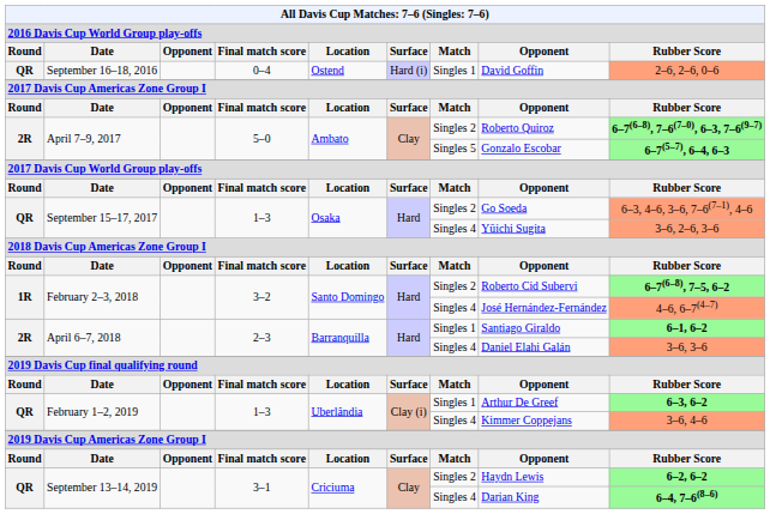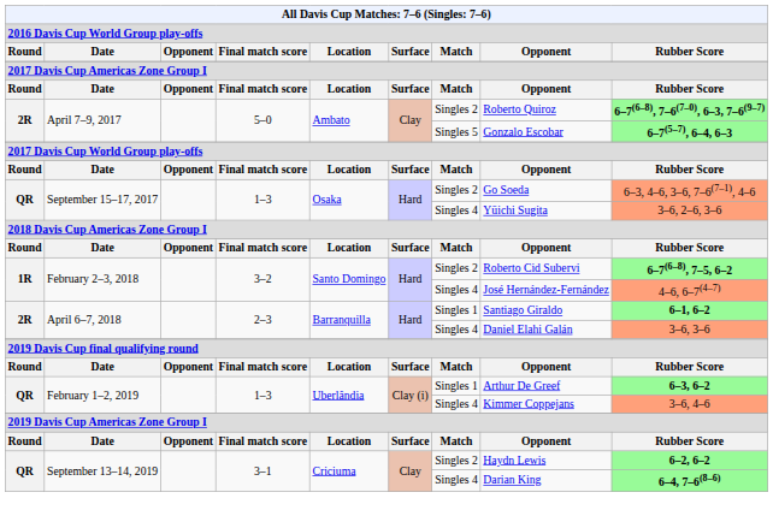 <table class="wikitable collapsible collapsed" style=font-size:93%>
 <tr>
 <th colspan="9" style="width:555px; background:#ecf2ff;"><strong>All Davis Cup Matches: 7–6 (Singles: 7–6)</strong></th>
 </tr>
 <tr bgcolor=Gainsboro>
 <td colspan=9><strong><a href='#'>2016 Davis Cup World Group play-offs</a></strong></td>
 </tr>
 <tr>
 <th>Round</th>
 <th>Date</th>
 <th>Opponent</th>
 <th>Final match score</th>
 <th>Location</th>
 <th>Surface</th>
 <th>Match</th>
 <th>Opponent</th>
 <th>Rubber Score</th>
-</tr>
-<tr>
-<th>QR</th>
-<td>September 16–18, 2016</td>
-<td></td>
-<td align="center">0–4</td>
-<td><a href='#'>Ostend</a></td>
-<td style="text-align:center; background:#ccf;">Hard (i)</td>
-<td>Singles 1</td>
-<td><a href='#'>David Goffin</a></td>
-<td style="text-align:center; background:#FFA07A;">2–6, 2–6, 0–6</td>
 </tr>
 <tr>
 </tr>
 <tr bgcolor=Gainsboro>
 <td colspan=9><strong><a href='#'>2017 Davis Cup Americas Zone Group I</a></strong></td>
 </tr>
 <tr>
 <th>Round</th>
 <th>Date</th>
 <th>Opponent</th>
 <th>Final match score</th>
 <th>Location</th>
 <th>Surface</th>
 <th>Match</th>
 <th>Opponent</th>
 <th>Rubber Score</th>
 </tr>
 <tr>
 <th rowspan=2>2R</th>
 <td rowspan=2>April 7–9, 2017</td>
 <td rowspan=2></td>
 <td rowspan=2 style="text-align:center;">5–0</td>
 <td rowspan=2><a href='#'>Ambato</a></td>
 <td rowspan=2 style="text-align:center; background:#ebc2af;">Clay</td>
 <td>Singles 2</td>
 <td><a href='#'>Roberto Quiroz</a></td>
 <td style="text-align:center; background:#98FB98;"><strong>6–7<sup>(6–8)</sup>, 7–6<sup>(7–0)</sup>, 6–3, 7–6<sup>(9–7)</sup></strong></td>
 </tr>
 <tr>
 <td>Singles 5</td>
 <td><a href='#'>Gonzalo Escobar</a></td>
 <td style="text-align:center; background:#98FB98;"><strong>6–7<sup>(5–7)</sup>, 6–4, 6–3</strong></td>
 </tr>
 <tr>
 </tr>
 <tr bgcolor=Gainsboro>
 <td colspan=9><strong><a href='#'>2017 Davis Cup World Group play-offs</a></strong></td>
 </tr>
 <tr>
 <th>Round</th>
 <th>Date</th>
 <th>Opponent</th>
 <th>Final match score</th>
 <th>Location</th>
 <th>Surface</th>
 <th>Match</th>
 <th>Opponent</th>
 <th>Rubber Score</th>
 </tr>
 <tr>
 <th rowspan=2>QR</th>
 <td rowspan=2>September 15–17, 2017</td>
 <td rowspan=2></td>
 <td rowspan=2 style="text-align:center;">1–3</td>
 <td rowspan=2><a href='#'>Osaka</a></td>
 <td rowspan=2 style="text-align:center; background:#ccf;">Hard</td>
 <td>Singles 2</td>
 <td><a href='#'>Go Soeda</a></td>
 <td style="text-align:center; background:#FFA07A;">6–3, 4–6, 3–6, 7–6<sup>(7–1)</sup>, 4–6</td>
 </tr>
 <tr>
 <td>Singles 4</td>
 <td><a href='#'>Yūichi Sugita</a></td>
 <td style="text-align:center; background:#FFA07A;">3–6, 2–6, 3–6</td>
 </tr>
 <tr bgcolor=Gainsboro>
 <td colspan=9><strong><a href='#'>2018 Davis Cup Americas Zone Group I</a></strong></td>
 </tr>
 <tr>
 <th>Round</th>
 <th>Date</th>
 <th>Opponent</th>
 <th>Final match score</th>
 <th>Location</th>
 <th>Surface</th>
 <th>Match</th>
 <th>Opponent</th>
 <th>Rubber Score</th>
 </tr>
 <tr>
 <th rowspan=2>1R</th>
 <td rowspan=2>February 2–3, 2018</td>
 <td rowspan=2></td>
 <td rowspan=2 style="text-align:center;">3–2</td>
 <td rowspan=2><a href='#'>Santo Domingo</a></td>
 <td rowspan=2 style="text-align:center; background:#ccf;">Hard</td>
 <td>Singles 2</td>
 <td><a href='#'>Roberto Cid Subervi</a></td>
 <td style="text-align:center; background:#98FB98;"><strong>6–7<sup>(6–8)</sup>, 7–5, 6–2</strong></td>
 </tr>
 <tr>
 <td>Singles 4</td>
 <td><a href='#'>José Hernández-Fernández</a></td>
 <td style="text-align:center; background:#FFA07A;">4–6, 6–7<sup>(4–7)</sup></td>
 </tr>
 <tr>
 <th rowspan=2>2R</th>
 <td rowspan=2>April 6–7, 2018</td>
 <td rowspan=2></td>
 <td rowspan=2 style="text-align:center;">2–3</td>
 <td rowspan=2><a href='#'>Barranquilla</a></td>
 <td rowspan=2 style="text-align:center; background:#ccf;">Hard</td>
 <td>Singles 1</td>
 <td><a href='#'>Santiago Giraldo</a></td>
 <td style="text-align:center; background:#98FB98;"><strong>6–1, 6–2</strong></td>
 </tr>
 <tr>
 <td>Singles 4</td>
 <td><a href='#'>Daniel Elahi Galán</a></td>
 <td style="text-align:center; background:#FFA07A;">3–6, 3–6</td>
 </tr>
 <tr>
 </tr>
 <tr bgcolor=Gainsboro>
 <td colspan=9><strong><a href='#'>2019 Davis Cup final qualifying round</a></strong></td>
 </tr>
 <tr>
 <th>Round</th>
 <th>Date</th>
 <th>Opponent</th>
 <th>Final match score</th>
 <th>Location</th>
 <th>Surface</th>
 <th>Match</th>
 <th>Opponent</th>
 <th>Rubber Score</th>
 </tr>
 <tr>
 <th rowspan=2>QR</th>
 <td rowspan=2>February 1–2, 2019</td>
 <td rowspan=2></td>
 <td rowspan=2 style="text-align:center;">1–3</td>
 <td rowspan=2><a href='#'>Uberlândia</a></td>
 <td rowspan=2 style="text-align:center; background:#ebc2af;">Clay (i)</td>
 <td>Singles 1</td>
 <td><a href='#'>Arthur De Greef</a></td>
 <td style="text-align:center; background:#98FB98;"><strong>6–3, 6–2</strong></td>
 </tr>
 <tr>
 <td>Singles 4</td>
 <td><a href='#'>Kimmer Coppejans</a></td>
 <td style="text-align:center; background:#FFA07A;">3–6, 4–6</td>
 </tr>
 <tr>
 </tr>
 <tr bgcolor=Gainsboro>
 <td colspan=9><strong><a href='#'>2019 Davis Cup Americas Zone Group I</a></strong></td>
 </tr>
 <tr>
 <th>Round</th>
 <th>Date</th>
 <th>Opponent</th>
 <th>Final match score</th>
 <th>Location</th>
 <th>Surface</th>
 <th>Match</th>
 <th>Opponent</th>
 <th>Rubber Score</th>
 </tr>
 <tr>
 <th rowspan=2>QR</th>
 <td rowspan=2>September 13–14, 2019</td>
 <td rowspan=2></td>
 <td rowspan=2 style="text-align:center;">3–1</td>
 <td rowspan=2><a href='#'>Criciuma</a></td>
 <td rowspan=2 style="text-align:center; background:#ebc2af;">Clay</td>
 <td>Singles 2</td>
 <td><a href='#'>Haydn Lewis</a></td>
 <td style="text-align:center; background:#98FB98;"><strong>6–2, 6–2</strong></td>
 </tr>
 <tr>
 <td>Singles 4</td>
 <td><a href='#'>Darian King</a></td>
 <td style="text-align:center; background:#98FB98;"><strong>6–4, 7–6<sup>(8–6)</sup></strong></td>
 </tr>
 </table>
